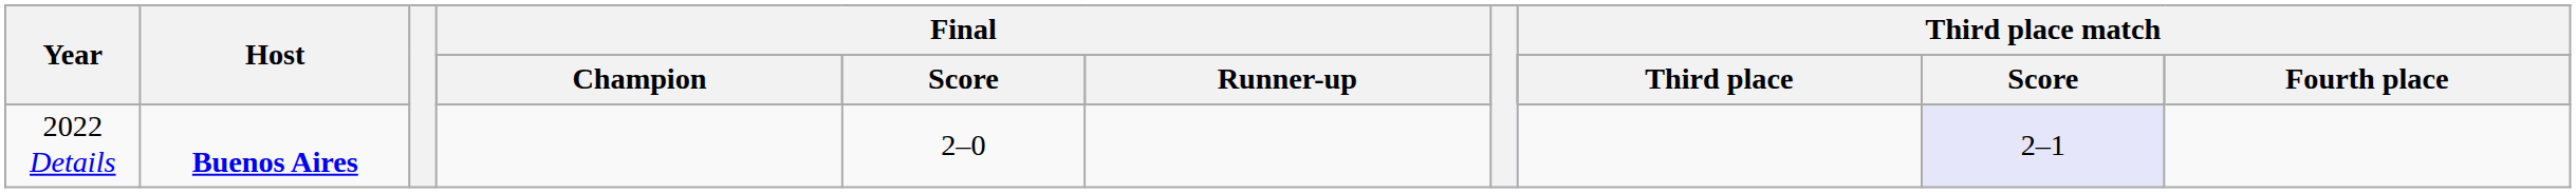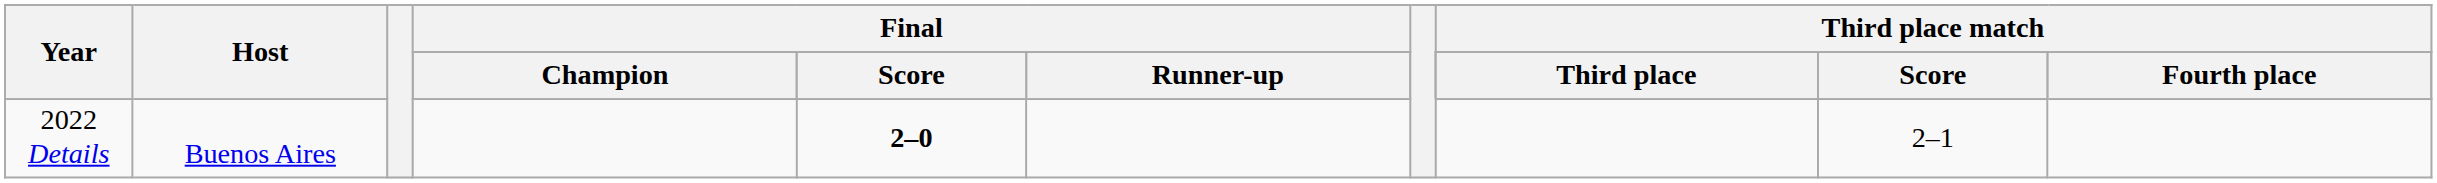 <table class="wikitable" style="font-size:90%; width: 98%; text-align: center;">
 <tr bgcolor=#C1D8FF>
 <th rowspan=2 width=5%>Year</th>
 <th rowspan=2 width=10%>Host</th>
 <th width=1% rowspan=100 bgcolor=ffffff></th>
 <th colspan=3>Final</th>
 <th width=1% rowspan=100 bgcolor=ffffff></th>
 <th colspan=3>Third place match</th>
 </tr>
 <tr bgcolor=FEF>
 <th width=15%>Champion</th>
 <th width=9%>Score</th>
 <th width=15%>Runner-up</th>
 <th width=15%>Third place</th>
 <th width=9%>Score</th>
 <th width=15%>Fourth place</th>
 </tr>
 <tr>
 <td>2022<br><em><a href='#'>Details</a></em></td>
-<td><strong><br><a href='#'>Buenos Aires</a></strong></td>
+<td><br><a href='#'>Buenos Aires</a></td>
 <td><strong></strong></td>
-<td>2–0</td>
+<td><strong>2–0</strong></td>
 <td></td>
 <td></td>
-<td style="background: lavender;">2–1</td>
+<td>2–1</td>
 <td></td>
 </tr>
 </table>
